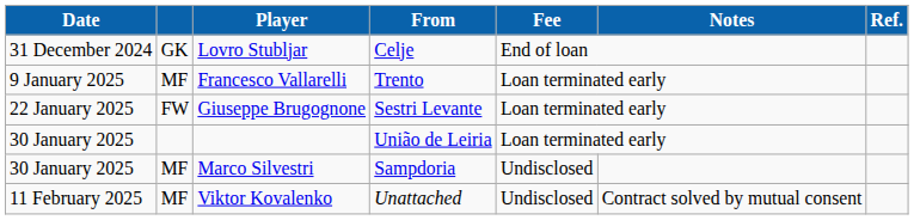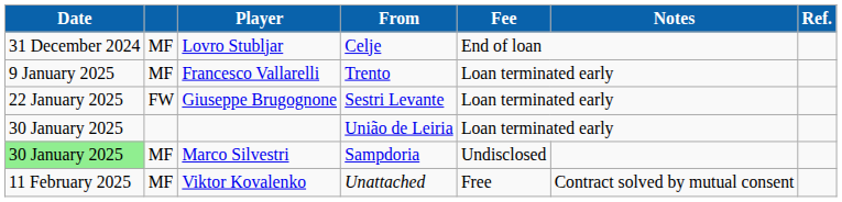 <table class="wikitable">
 <tr>
 <th style="background:#0962AB;color:white">Date</th>
 <th style="background:#0962AB;color:white"></th>
 <th style="background:#0962AB;color:white">Player</th>
 <th style="background:#0962AB;color:white">From</th>
 <th style="background:#0962AB;color:white">Fee</th>
 <th style="background:#0962AB;color:white">Notes</th>
 <th style="background:#0962AB;color:white">Ref.</th>
 </tr>
 <tr>
 <td>31 December 2024</td>
-<td>GK</td>
+<td>MF</td>
 <td> <a href='#'>Lovro Stubljar</a></td>
 <td> <a href='#'>Celje</a></td>
 <td colspan="2">End of loan</td>
 <td></td>
 </tr>
 <tr>
 <td>9 January 2025</td>
 <td>MF</td>
 <td> <a href='#'>Francesco Vallarelli</a></td>
 <td> <a href='#'>Trento</a></td>
 <td colspan="2">Loan terminated early</td>
 <td></td>
 </tr>
 <tr>
 <td>22 January 2025</td>
 <td>FW</td>
 <td> <a href='#'>Giuseppe Brugognone</a></td>
 <td> <a href='#'>Sestri Levante</a></td>
 <td colspan="2">Loan terminated early</td>
 <td></td>
 </tr>
 <tr>
 <td>30 January 2025</td>
 <td></td>
 <td> </td>
 <td> <a href='#'>União de Leiria</a></td>
 <td colspan="2">Loan terminated early</td>
 <td></td>
 </tr>
 <tr>
-<td>30 January 2025</td>
+<td style="background: lightgreen;">30 January 2025</td>
 <td>MF</td>
 <td> <a href='#'>Marco Silvestri</a></td>
 <td> <a href='#'>Sampdoria</a></td>
 <td>Undisclosed</td>
 <td></td>
 <td></td>
 </tr>
 <tr>
 <td>11 February 2025</td>
 <td>MF</td>
 <td> <a href='#'>Viktor Kovalenko</a></td>
 <td><em>Unattached</em></td>
-<td>Undisclosed</td>
+<td>Free</td>
 <td>Contract solved by mutual consent</td>
 <td></td>
 </tr>
 </table>
